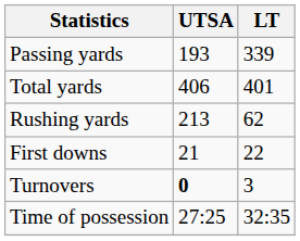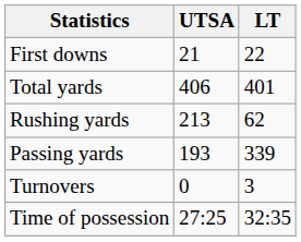 <table class="wikitable" style="float: left;">
 <tr>
 <th>Statistics</th>
 <th>UTSA</th>
 <th>LT</th>
 </tr>
 <tr>
-<td>Passing yards</td>
-<td>193</td>
-<td>339</td>
+<td>First downs</td>
+<td>21</td>
+<td>22</td>
 </tr>
 <tr>
 <td>Total yards</td>
 <td>406</td>
 <td>401</td>
 </tr>
 <tr>
 <td>Rushing yards</td>
 <td>213</td>
 <td>62</td>
 </tr>
 <tr>
-<td>First downs</td>
-<td>21</td>
-<td>22</td>
+<td>Passing yards</td>
+<td>193</td>
+<td>339</td>
 </tr>
 <tr>
 <td>Turnovers</td>
-<td><strong>0</strong></td>
+<td>0</td>
 <td>3</td>
 </tr>
 <tr>
 <td>Time of possession</td>
 <td>27:25</td>
 <td>32:35</td>
 </tr>
 <tr>
 </tr>
 </table>
